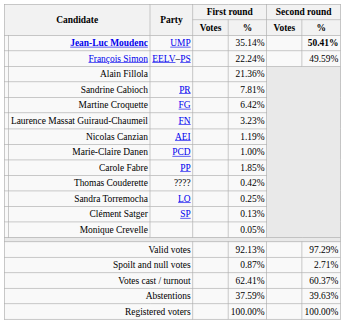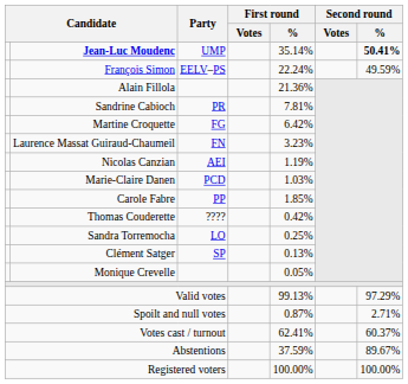 <table class="wikitable" style="text-align:right;font-size:95%;">
 <tr>
 <th rowspan=2 colspan=2>Candidate</th>
 <th rowspan=2 colspan=1>Party</th>
 <th colspan=2>First round</th>
 <th colspan=2>Second round</th>
 </tr>
 <tr>
 <th style="width:50px;">Votes</th>
 <th style="width:55px;">%</th>
 <th style="width:50px;">Votes</th>
 <th style="width:55px;">%</th>
 </tr>
 <tr>
 <td style="color:inherit;background-color:"></td>
 <td><strong><a href='#'>Jean-Luc Moudenc</a></strong></td>
 <td><a href='#'>UMP</a></td>
 <td></td>
 <td>35.14%</td>
 <td><strong></strong></td>
 <td><strong>50.41%</strong></td>
 </tr>
 <tr>
 <td style="color:inherit;background-color:"></td>
 <td><a href='#'>François Simon</a></td>
 <td><a href='#'>EELV</a>–<a href='#'>PS</a></td>
 <td></td>
 <td>22.24%</td>
 <td></td>
 <td>49.59%</td>
 </tr>
 <tr>
 <td style="background-color:;"></td>
 <td>Alain Fillola</td>
 <td></td>
 <td></td>
 <td>21.36%</td>
 <td colspan=7 rowspan=11 style="background-color:#E9E9E9;"></td>
 </tr>
 <tr>
 <td style="color:inherit;background-color:"></td>
 <td>Sandrine Cabioch</td>
 <td><a href='#'>PR</a></td>
 <td></td>
 <td>7.81%</td>
 </tr>
 <tr>
 <td style="color:inherit;background-color:"></td>
 <td>Martine Croquette</td>
 <td><a href='#'>FG</a></td>
 <td></td>
 <td>6.42%</td>
 </tr>
 <tr>
 <td style="color:inherit;background-color:"></td>
 <td>Laurence Massat Guiraud-Chaumeil</td>
 <td><a href='#'>FN</a></td>
 <td></td>
 <td>3.23%</td>
 </tr>
 <tr>
 <td style="color:inherit;background-color:"></td>
 <td>Nicolas Canzian</td>
 <td><a href='#'>AEI</a></td>
 <td></td>
 <td>1.19%</td>
 </tr>
 <tr>
 <td style="color:inherit;background-color:"></td>
 <td>Marie-Claire Danen</td>
 <td><a href='#'>PCD</a></td>
 <td></td>
-<td>1.00%</td>
+<td>1.03%</td>
 </tr>
 <tr>
 <td style="color:inherit;background-color:"></td>
 <td>Carole Fabre</td>
 <td><a href='#'>PP</a></td>
 <td></td>
 <td>1.85%</td>
 </tr>
 <tr>
 <td style="background-color:;"></td>
 <td>Thomas Couderette</td>
 <td>????</td>
 <td></td>
 <td>0.42%</td>
 </tr>
 <tr>
 <td style="color:inherit;background-color:"></td>
 <td>Sandra Torremocha</td>
 <td><a href='#'>LO</a></td>
 <td></td>
 <td>0.25%</td>
 </tr>
 <tr>
 <td style="color:inherit;background-color:"></td>
 <td>Clément Satger</td>
 <td><a href='#'>SP</a></td>
 <td></td>
 <td>0.13%</td>
 </tr>
 <tr>
 <td style="background-color:;"></td>
 <td>Monique Crevelle</td>
 <td></td>
 <td></td>
 <td>0.05%</td>
 </tr>
 <tr>
 <td colspan=7 style="background-color:#E9E9E9;"></td>
 </tr>
 <tr>
 <td colspan=3>Valid votes</td>
 <td></td>
-<td>92.13%</td>
+<td>99.13%</td>
 <td></td>
 <td>97.29%</td>
 </tr>
 <tr>
 <td colspan=3>Spoilt and null votes</td>
 <td></td>
 <td>0.87%</td>
 <td></td>
 <td>2.71%</td>
 </tr>
 <tr>
 <td colspan=3>Votes cast / turnout</td>
 <td></td>
 <td>62.41%</td>
 <td></td>
 <td>60.37%</td>
 </tr>
 <tr>
 <td colspan=3>Abstentions</td>
 <td></td>
 <td>37.59%</td>
 <td></td>
-<td>39.63%</td>
+<td>89.67%</td>
 </tr>
 <tr>
 <td colspan=3>Registered voters</td>
 <td></td>
 <td>100.00%</td>
 <td></td>
 <td>100.00%</td>
 </tr>
 </table>
